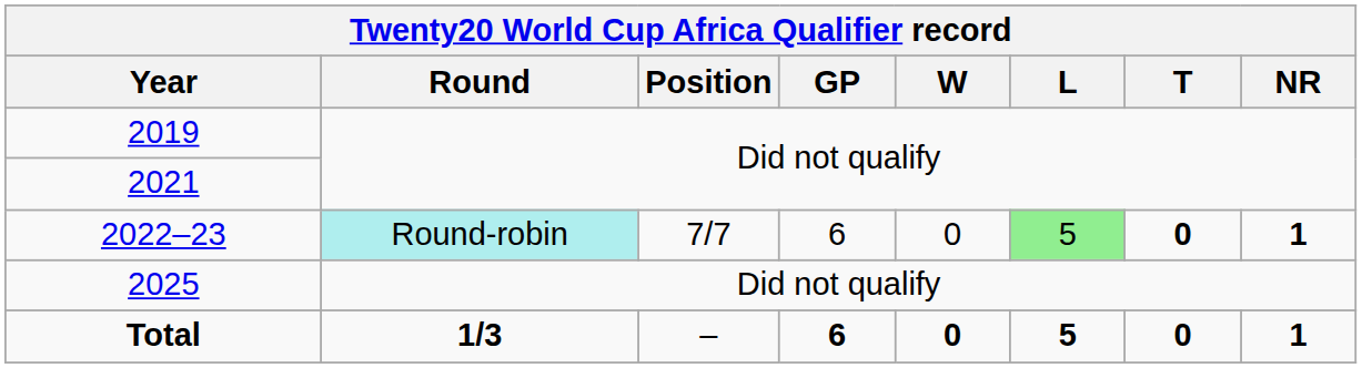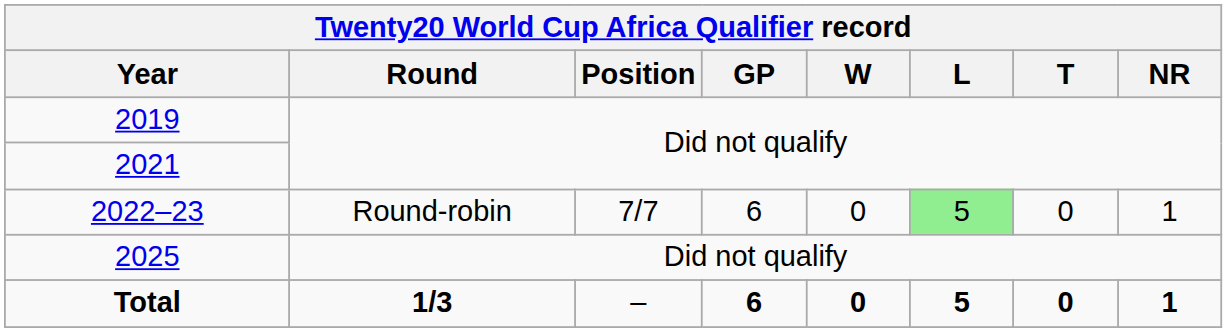 <table class="wikitable" style="text-align: center; width=900px;">
 <tr>
 <th colspan=9><a href='#'>Twenty20 World Cup Africa Qualifier</a> record</th>
 </tr>
 <tr>
 <th width=150>Year</th>
 <th width=150>Round</th>
 <th width=50>Position</th>
 <th width=50>GP</th>
 <th width=50>W</th>
 <th width=50>L</th>
 <th width=50>T</th>
 <th width=50>NR</th>
 </tr>
 <tr>
 <td> <a href='#'>2019</a></td>
 <td rowspan=2 colspan=8>Did not qualify</td>
 </tr>
 <tr>
 <td> <a href='#'>2021</a></td>
 </tr>
 <tr>
 <td> <a href='#'>2022–23</a></td>
-<td style="background: paleturquoise;">Round-robin</td>
+<td>Round-robin</td>
 <td>7/7</td>
 <td>6</td>
 <td>0</td>
 <td style="background: lightgreen;">5</td>
-<td><strong>0</strong></td>
-<td><strong>1</strong></td>
+<td>0</td>
+<td>1</td>
 </tr>
 <tr>
 <td> <a href='#'>2025</a></td>
 <td rowspan=1 colspan=8>Did not qualify</td>
 </tr>
 <tr>
 <td><strong>Total</strong></td>
 <td><strong>1/3</strong></td>
 <td>–</td>
 <td><strong>6</strong></td>
 <td><strong>0</strong></td>
 <td><strong>5</strong></td>
 <td><strong>0</strong></td>
 <td><strong>1</strong></td>
 </tr>
 </table>
